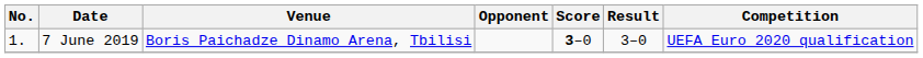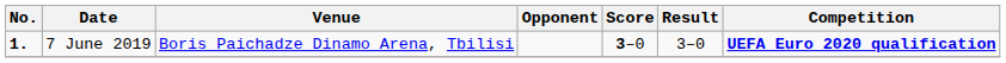 <table class="wikitable">
 <tr>
 <th>No.</th>
 <th>Date</th>
 <th>Venue</th>
 <th>Opponent</th>
 <th>Score</th>
 <th>Result</th>
 <th>Competition</th>
 </tr>
 <tr>
-<td>1.</td>
+<td><strong>1.</strong></td>
 <td>7 June 2019</td>
 <td><a href='#'>Boris Paichadze Dinamo Arena</a>, <a href='#'>Tbilisi</a></td>
 <td></td>
 <td align=center><strong>3</strong>–0</td>
 <td align=center>3–0</td>
-<td><a href='#'>UEFA Euro 2020 qualification</a></td>
+<td><strong><a href='#'>UEFA Euro 2020 qualification</a></strong></td>
 </tr>
 <tr>
 </tr>
 </table>
